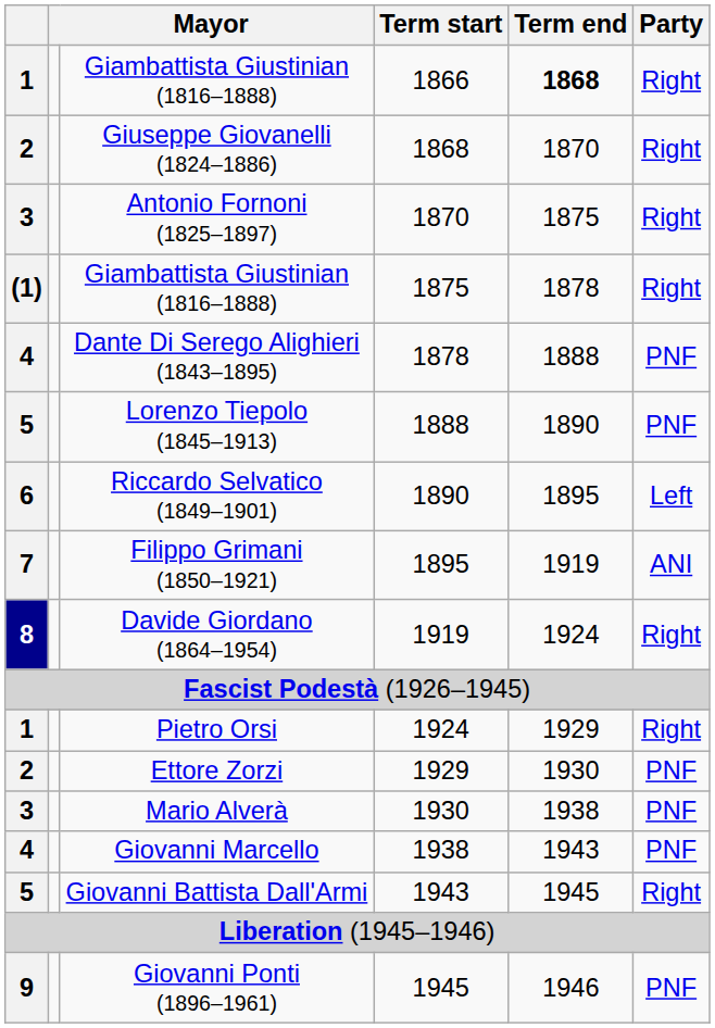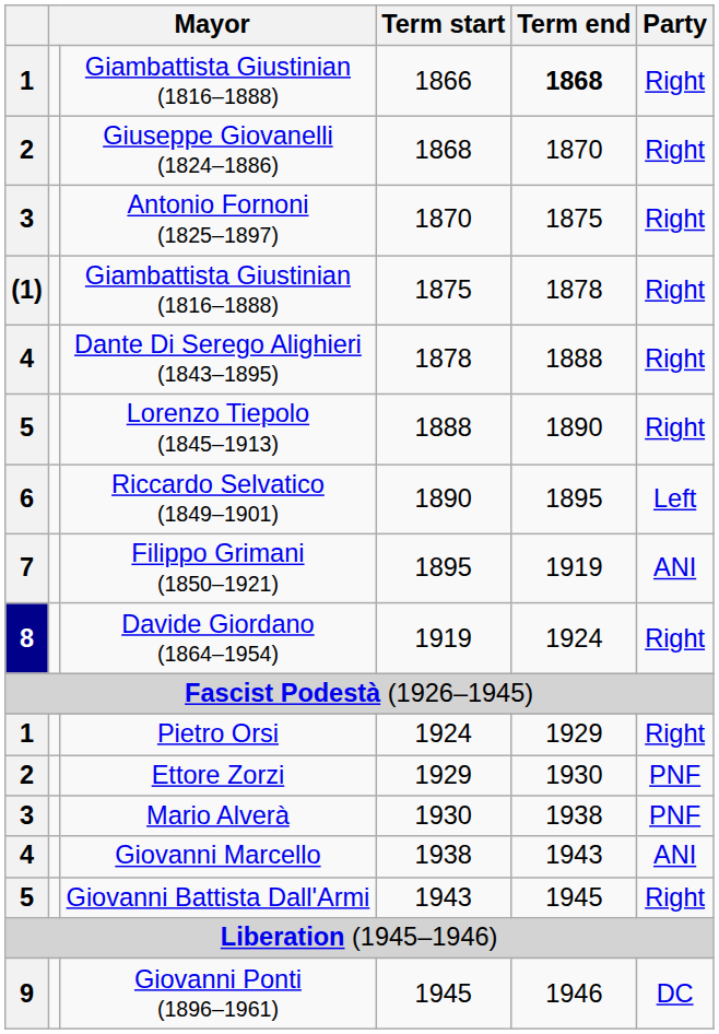 <table class="wikitable" style="text-align: center;">
 <tr>
 <th class=unsortable> </th>
 <th colspan="2">Mayor</th>
 <th>Term start</th>
 <th>Term end</th>
 <th>Party</th>
 </tr>
 <tr>
 <th style="background:">1</th>
 <td></td>
 <td><a href='#'>Giambattista Giustinian</a><br><small>(1816–1888)</small></td>
 <td>1866</td>
 <td><strong>1868</strong></td>
 <td><a href='#'>Right</a></td>
 </tr>
 <tr>
 <th style="background:">2</th>
 <td></td>
 <td><a href='#'>Giuseppe Giovanelli</a><br><small>(1824–1886)</small></td>
 <td>1868</td>
 <td>1870</td>
 <td><a href='#'>Right</a></td>
 </tr>
 <tr>
 <th style="background:">3</th>
 <td></td>
 <td><a href='#'>Antonio Fornoni</a><br><small>(1825–1897)</small></td>
 <td>1870</td>
 <td>1875</td>
 <td><a href='#'>Right</a></td>
 </tr>
 <tr>
 <th style="background:">(1)</th>
 <td></td>
 <td><a href='#'>Giambattista Giustinian</a><br><small>(1816–1888)</small></td>
 <td align=center>1875</td>
 <td align=center>1878</td>
 <td><a href='#'>Right</a></td>
 </tr>
 <tr>
 <th style="background:">4</th>
 <td></td>
 <td><a href='#'>Dante Di Serego Alighieri</a><br><small>(1843–1895)</small></td>
 <td>1878</td>
 <td>1888</td>
-<td><a href='#'>PNF</a></td>
+<td><a href='#'>Right</a></td>
 </tr>
 <tr>
 <th style="background:">5</th>
 <td></td>
 <td><a href='#'>Lorenzo Tiepolo</a><br><small>(1845–1913)</small></td>
 <td>1888</td>
 <td>1890</td>
-<td><a href='#'>PNF</a></td>
+<td><a href='#'>Right</a></td>
 </tr>
 <tr>
 <th style="background:">6</th>
 <td></td>
 <td><a href='#'>Riccardo Selvatico</a><br><small>(1849–1901)</small></td>
 <td>1890</td>
 <td>1895</td>
 <td><a href='#'>Left</a></td>
 </tr>
 <tr>
 <th style="background:">7</th>
 <td></td>
 <td><a href='#'>Filippo Grimani</a><br><small>(1850–1921)</small></td>
 <td>1895</td>
 <td>1919</td>
 <td><a href='#'>ANI</a></td>
 </tr>
 <tr>
 <th rowspan=1 style="background:#00008B; color:white">8</th>
 <td></td>
 <td><a href='#'>Davide Giordano</a><br><small>(1864–1954)</small></td>
 <td>1919</td>
 <td>1924</td>
 <td><a href='#'>Right</a></td>
 </tr>
 <tr>
 <td colspan="8" bgcolor="lightgrey" align=center><strong><a href='#'>Fascist Podestà</a></strong> (1926–1945)</td>
 </tr>
 <tr>
 <th rowspan=1 style="background:">1</th>
 <td></td>
 <td><a href='#'>Pietro Orsi</a></td>
 <td>1924</td>
 <td>1929</td>
 <td><a href='#'>Right</a></td>
 </tr>
 <tr>
 <th rowspan=1 style="background:">2</th>
 <td></td>
 <td><a href='#'>Ettore Zorzi</a></td>
 <td>1929</td>
 <td>1930</td>
 <td><a href='#'>PNF</a></td>
 </tr>
 <tr>
 <th rowspan=1 style="background:">3</th>
 <td></td>
 <td><a href='#'>Mario Alverà</a></td>
 <td>1930</td>
 <td>1938</td>
 <td><a href='#'>PNF</a></td>
 </tr>
 <tr>
 <th rowspan=1 style="background:">4</th>
 <td></td>
 <td><a href='#'>Giovanni Marcello</a></td>
 <td>1938</td>
 <td>1943</td>
-<td><a href='#'>PNF</a></td>
+<td><a href='#'>ANI</a></td>
 </tr>
 <tr>
 <th rowspan=1 style="background:">5</th>
 <td></td>
 <td><a href='#'>Giovanni Battista Dall'Armi</a></td>
 <td>1943</td>
 <td>1945</td>
 <td><a href='#'>Right</a></td>
 </tr>
 <tr>
 <td colspan="8" bgcolor="lightgrey" align=center><strong><a href='#'>Liberation</a></strong> (1945–1946)</td>
 </tr>
 <tr>
 <th style="background:">9</th>
 <td></td>
 <td><a href='#'>Giovanni Ponti</a><br><small>(1896–1961)</small></td>
 <td>1945</td>
 <td>1946</td>
-<td><a href='#'>PNF</a></td>
+<td><a href='#'>DC</a></td>
 </tr>
 </table>
